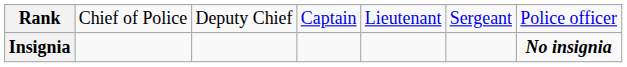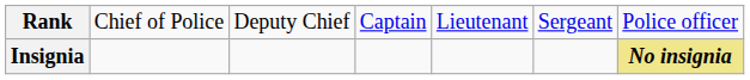 <table class="wikitable">
 <tr style="text-align:center;">
 <th>Rank</th>
 <td>Chief of Police</td>
 <td>Deputy Chief</td>
 <td><a href='#'>Captain</a></td>
 <td><a href='#'>Lieutenant</a></td>
 <td><a href='#'>Sergeant</a></td>
 <td><a href='#'>Police officer</a></td>
 </tr>
 <tr style="text-align:center;">
 <th>Insignia</th>
 <td></td>
 <td></td>
 <td></td>
 <td></td>
 <td></td>
-<td><strong><em>No insignia</em></strong></td>
+<td style="background: khaki;"><strong><em>No insignia</em></strong></td>
 </tr>
 </table>
